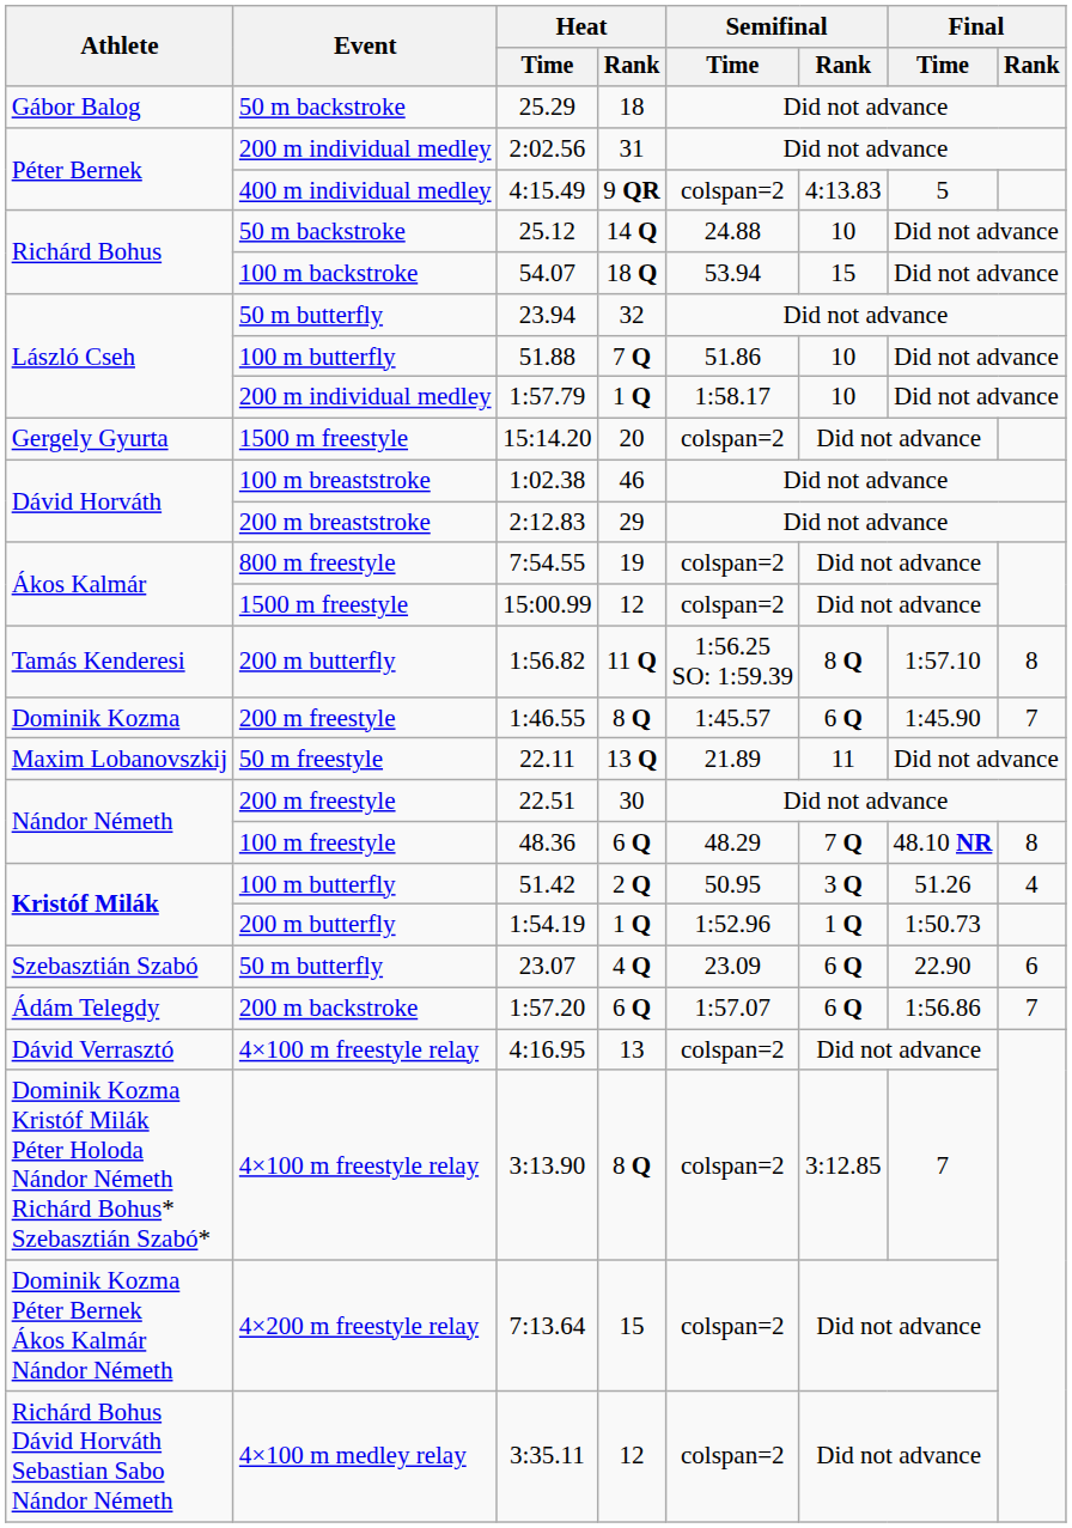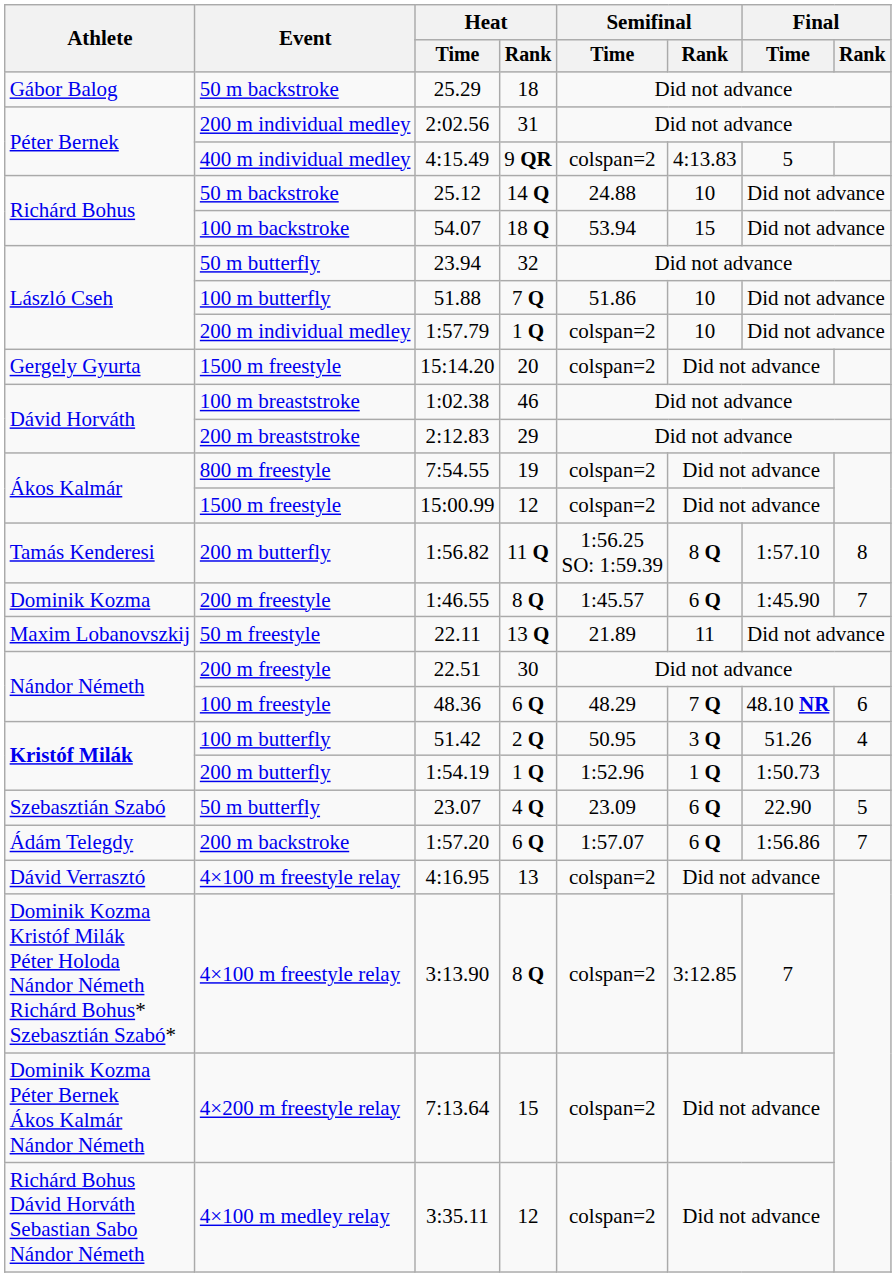 <table class="wikitable" style="text-align:center; font-size:90%">
 <tr>
 <th rowspan="2">Athlete</th>
 <th rowspan="2">Event</th>
 <th colspan="2">Heat</th>
 <th colspan="2">Semifinal</th>
 <th colspan="2">Final</th>
 </tr>
 <tr style="font-size:95%">
 <th>Time</th>
 <th>Rank</th>
 <th>Time</th>
 <th>Rank</th>
 <th>Time</th>
 <th>Rank</th>
 </tr>
 <tr>
 <td align=left><a href='#'>Gábor Balog</a></td>
 <td align=left><a href='#'>50 m backstroke</a></td>
 <td>25.29</td>
 <td>18</td>
 <td colspan=4>Did not advance</td>
 </tr>
 <tr>
 <td align=left rowspan=2><a href='#'>Péter Bernek</a></td>
 <td align=left><a href='#'>200 m individual medley</a></td>
 <td>2:02.56</td>
 <td>31</td>
 <td colspan=4>Did not advance</td>
 </tr>
 <tr>
 <td align=left><a href='#'>400 m individual medley</a></td>
 <td>4:15.49</td>
 <td>9 <strong>QR</strong></td>
 <td>colspan=2 </td>
 <td>4:13.83</td>
 <td>5</td>
 </tr>
 <tr>
 <td align=left rowspan=2><a href='#'>Richárd Bohus</a></td>
 <td align=left><a href='#'>50 m backstroke</a></td>
 <td>25.12</td>
 <td>14 <strong>Q</strong></td>
 <td>24.88</td>
 <td>10</td>
 <td colspan=2>Did not advance</td>
 </tr>
 <tr>
 <td align=left><a href='#'>100 m backstroke</a></td>
 <td>54.07</td>
 <td>18 <strong>Q</strong></td>
 <td>53.94</td>
 <td>15</td>
 <td colspan=2>Did not advance</td>
 </tr>
 <tr>
 <td align=left rowspan=3><a href='#'>László Cseh</a></td>
 <td align=left><a href='#'>50 m butterfly</a></td>
 <td>23.94</td>
 <td>32</td>
 <td colspan=4>Did not advance</td>
 </tr>
 <tr>
 <td align=left><a href='#'>100 m butterfly</a></td>
 <td>51.88</td>
 <td>7 <strong>Q</strong></td>
 <td>51.86</td>
 <td>10</td>
 <td colspan=2>Did not advance</td>
 </tr>
 <tr>
 <td align=left><a href='#'>200 m individual medley</a></td>
 <td>1:57.79</td>
 <td>1 <strong>Q</strong></td>
-<td>1:58.17</td>
+<td>colspan=2 </td>
 <td>10</td>
 <td colspan=2>Did not advance</td>
 </tr>
 <tr>
 <td align=left><a href='#'>Gergely Gyurta</a></td>
 <td align=left><a href='#'>1500 m freestyle</a></td>
 <td>15:14.20</td>
 <td>20</td>
 <td>colspan=2 </td>
 <td colspan=2>Did not advance</td>
 </tr>
 <tr>
 <td align=left rowspan=2><a href='#'>Dávid Horváth</a></td>
 <td align=left><a href='#'>100 m breaststroke</a></td>
 <td>1:02.38</td>
 <td>46</td>
 <td colspan=4>Did not advance</td>
 </tr>
 <tr>
 <td align=left><a href='#'>200 m breaststroke</a></td>
 <td>2:12.83</td>
 <td>29</td>
 <td colspan=4>Did not advance</td>
 </tr>
 <tr>
 <td align=left rowspan=2><a href='#'>Ákos Kalmár</a></td>
 <td align=left><a href='#'>800 m freestyle</a></td>
 <td>7:54.55</td>
 <td>19</td>
 <td>colspan=2 </td>
 <td colspan=2>Did not advance</td>
 </tr>
 <tr>
 <td align=left><a href='#'>1500 m freestyle</a></td>
 <td>15:00.99</td>
 <td>12</td>
 <td>colspan=2 </td>
 <td colspan=2>Did not advance</td>
 </tr>
 <tr>
 <td align=left><a href='#'>Tamás Kenderesi</a></td>
 <td align=left><a href='#'>200 m butterfly</a></td>
 <td>1:56.82</td>
 <td>11 <strong>Q</strong></td>
 <td>1:56.25<br>SO: 1:59.39</td>
 <td>8 <strong>Q</strong></td>
 <td>1:57.10</td>
 <td>8</td>
 </tr>
 <tr>
 <td align=left><a href='#'>Dominik Kozma</a></td>
 <td align=left><a href='#'>200 m freestyle</a></td>
 <td>1:46.55</td>
 <td>8 <strong>Q</strong></td>
 <td>1:45.57</td>
 <td>6 <strong>Q</strong></td>
 <td>1:45.90</td>
 <td>7</td>
 </tr>
 <tr>
 <td align=left><a href='#'>Maxim Lobanovszkij</a></td>
 <td align=left><a href='#'>50 m freestyle</a></td>
 <td>22.11</td>
 <td>13 <strong>Q</strong></td>
 <td>21.89</td>
 <td>11</td>
 <td colspan=2>Did not advance</td>
 </tr>
 <tr>
 <td align=left rowspan=2><a href='#'>Nándor Németh</a></td>
 <td align=left><a href='#'>200 m freestyle</a></td>
 <td>22.51</td>
 <td>30</td>
 <td colspan=4>Did not advance</td>
 </tr>
 <tr>
 <td align=left><a href='#'>100 m freestyle</a></td>
 <td>48.36</td>
 <td>6 <strong>Q</strong></td>
 <td>48.29</td>
 <td>7 <strong>Q</strong></td>
 <td>48.10 <strong><a href='#'>NR</a></strong></td>
-<td>8</td>
+<td>6</td>
 </tr>
 <tr>
 <td align=left rowspan=2><strong><a href='#'>Kristóf Milák</a></strong></td>
 <td align=left><a href='#'>100 m butterfly</a></td>
 <td>51.42</td>
 <td>2 <strong>Q</strong></td>
 <td>50.95</td>
 <td>3 <strong>Q</strong></td>
 <td>51.26</td>
 <td>4</td>
 </tr>
 <tr>
 <td align=left><a href='#'>200 m butterfly</a></td>
 <td>1:54.19</td>
 <td>1 <strong>Q</strong></td>
 <td>1:52.96</td>
 <td>1 <strong>Q</strong></td>
 <td>1:50.73 </td>
 <td></td>
 </tr>
 <tr>
 <td align=left><a href='#'>Szebasztián Szabó</a></td>
 <td align=left><a href='#'>50 m butterfly</a></td>
 <td>23.07</td>
 <td>4 <strong>Q</strong></td>
 <td>23.09</td>
 <td>6 <strong>Q</strong></td>
 <td>22.90</td>
-<td>6</td>
+<td>5</td>
 </tr>
 <tr>
 <td align=left><a href='#'>Ádám Telegdy</a></td>
 <td align=left><a href='#'>200 m backstroke</a></td>
 <td>1:57.20</td>
 <td>6 <strong>Q</strong></td>
 <td>1:57.07</td>
 <td>6 <strong>Q</strong></td>
 <td>1:56.86</td>
 <td>7</td>
 </tr>
 <tr>
 <td align=left><a href='#'>Dávid Verrasztó</a></td>
 <td align=left><a href='#'>4×100 m freestyle relay</a></td>
 <td>4:16.95</td>
 <td>13</td>
 <td>colspan=2 </td>
 <td colspan=2>Did not advance</td>
 </tr>
 <tr>
 <td align=left><a href='#'>Dominik Kozma</a><br><a href='#'>Kristóf Milák</a><br><a href='#'>Péter Holoda</a><br><a href='#'>Nándor Németh</a><br><a href='#'>Richárd Bohus</a>*<br><a href='#'>Szebasztián Szabó</a>*</td>
 <td align=left><a href='#'>4×100 m freestyle relay</a></td>
 <td>3:13.90</td>
 <td>8 <strong>Q</strong></td>
 <td>colspan=2 </td>
 <td>3:12.85</td>
 <td>7</td>
 </tr>
 <tr>
 <td align=left><a href='#'>Dominik Kozma</a><br><a href='#'>Péter Bernek</a><br><a href='#'>Ákos Kalmár</a><br><a href='#'>Nándor Németh</a></td>
 <td align=left><a href='#'>4×200 m freestyle relay</a></td>
 <td>7:13.64</td>
 <td>15</td>
 <td>colspan=2 </td>
 <td colspan=2>Did not advance</td>
 </tr>
 <tr>
 <td align=left><a href='#'>Richárd Bohus</a><br><a href='#'>Dávid Horváth</a><br><a href='#'>Sebastian Sabo</a><br><a href='#'>Nándor Németh</a></td>
 <td align=left><a href='#'>4×100 m medley relay</a></td>
 <td>3:35.11</td>
 <td>12</td>
 <td>colspan=2 </td>
 <td colspan=2>Did not advance</td>
 </tr>
 </table>
